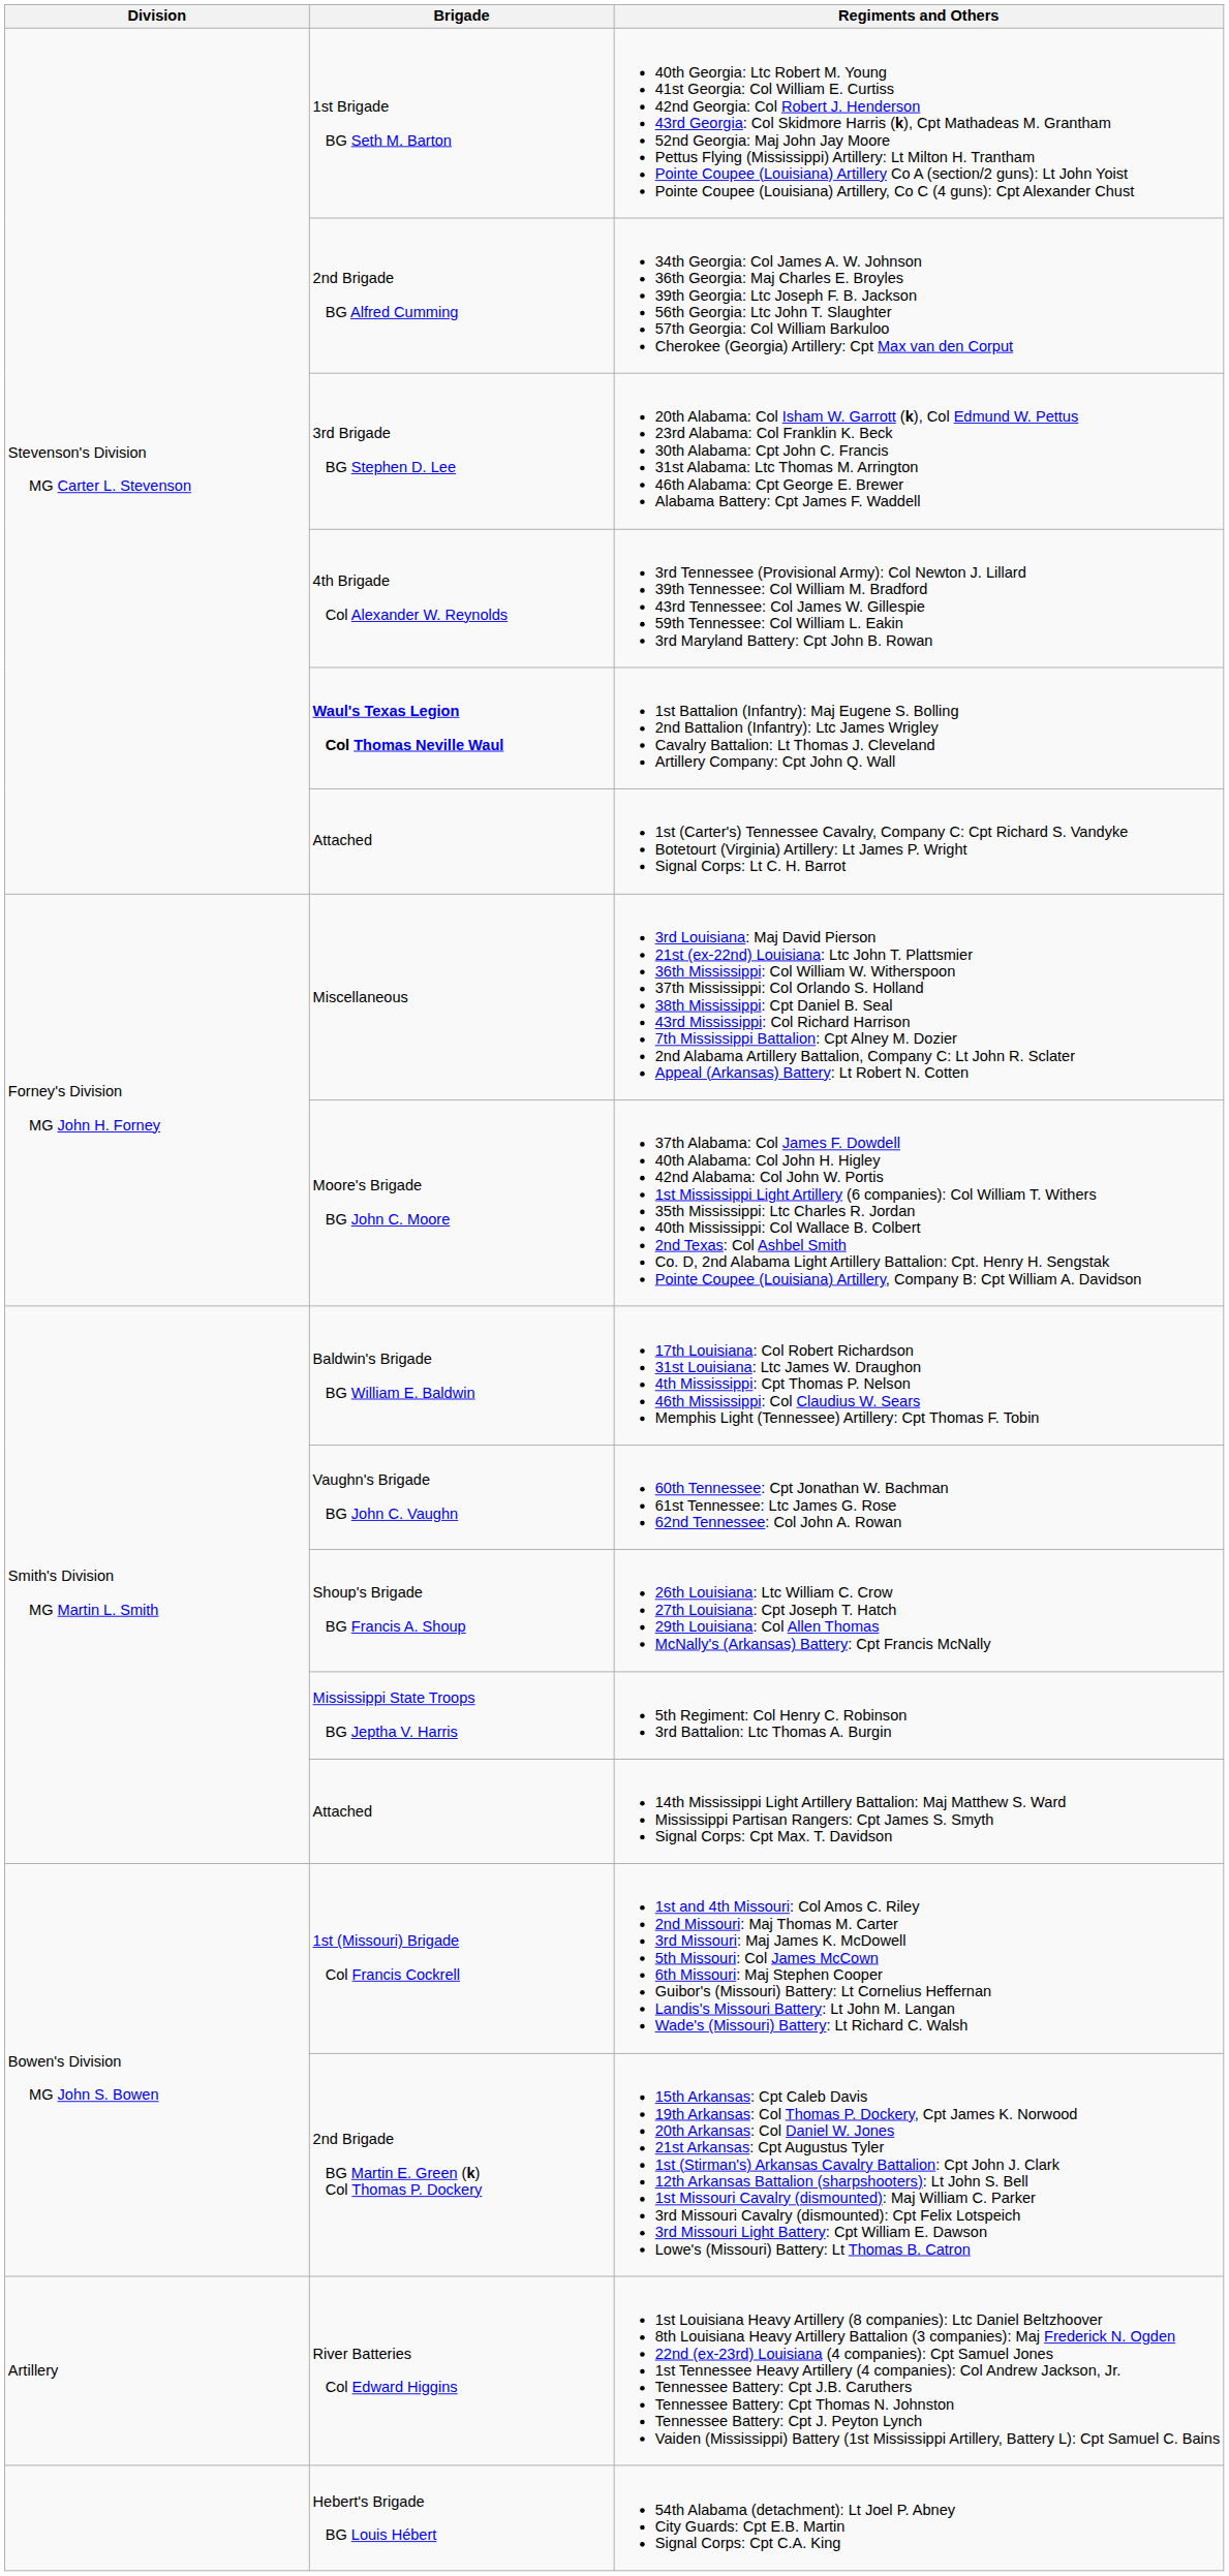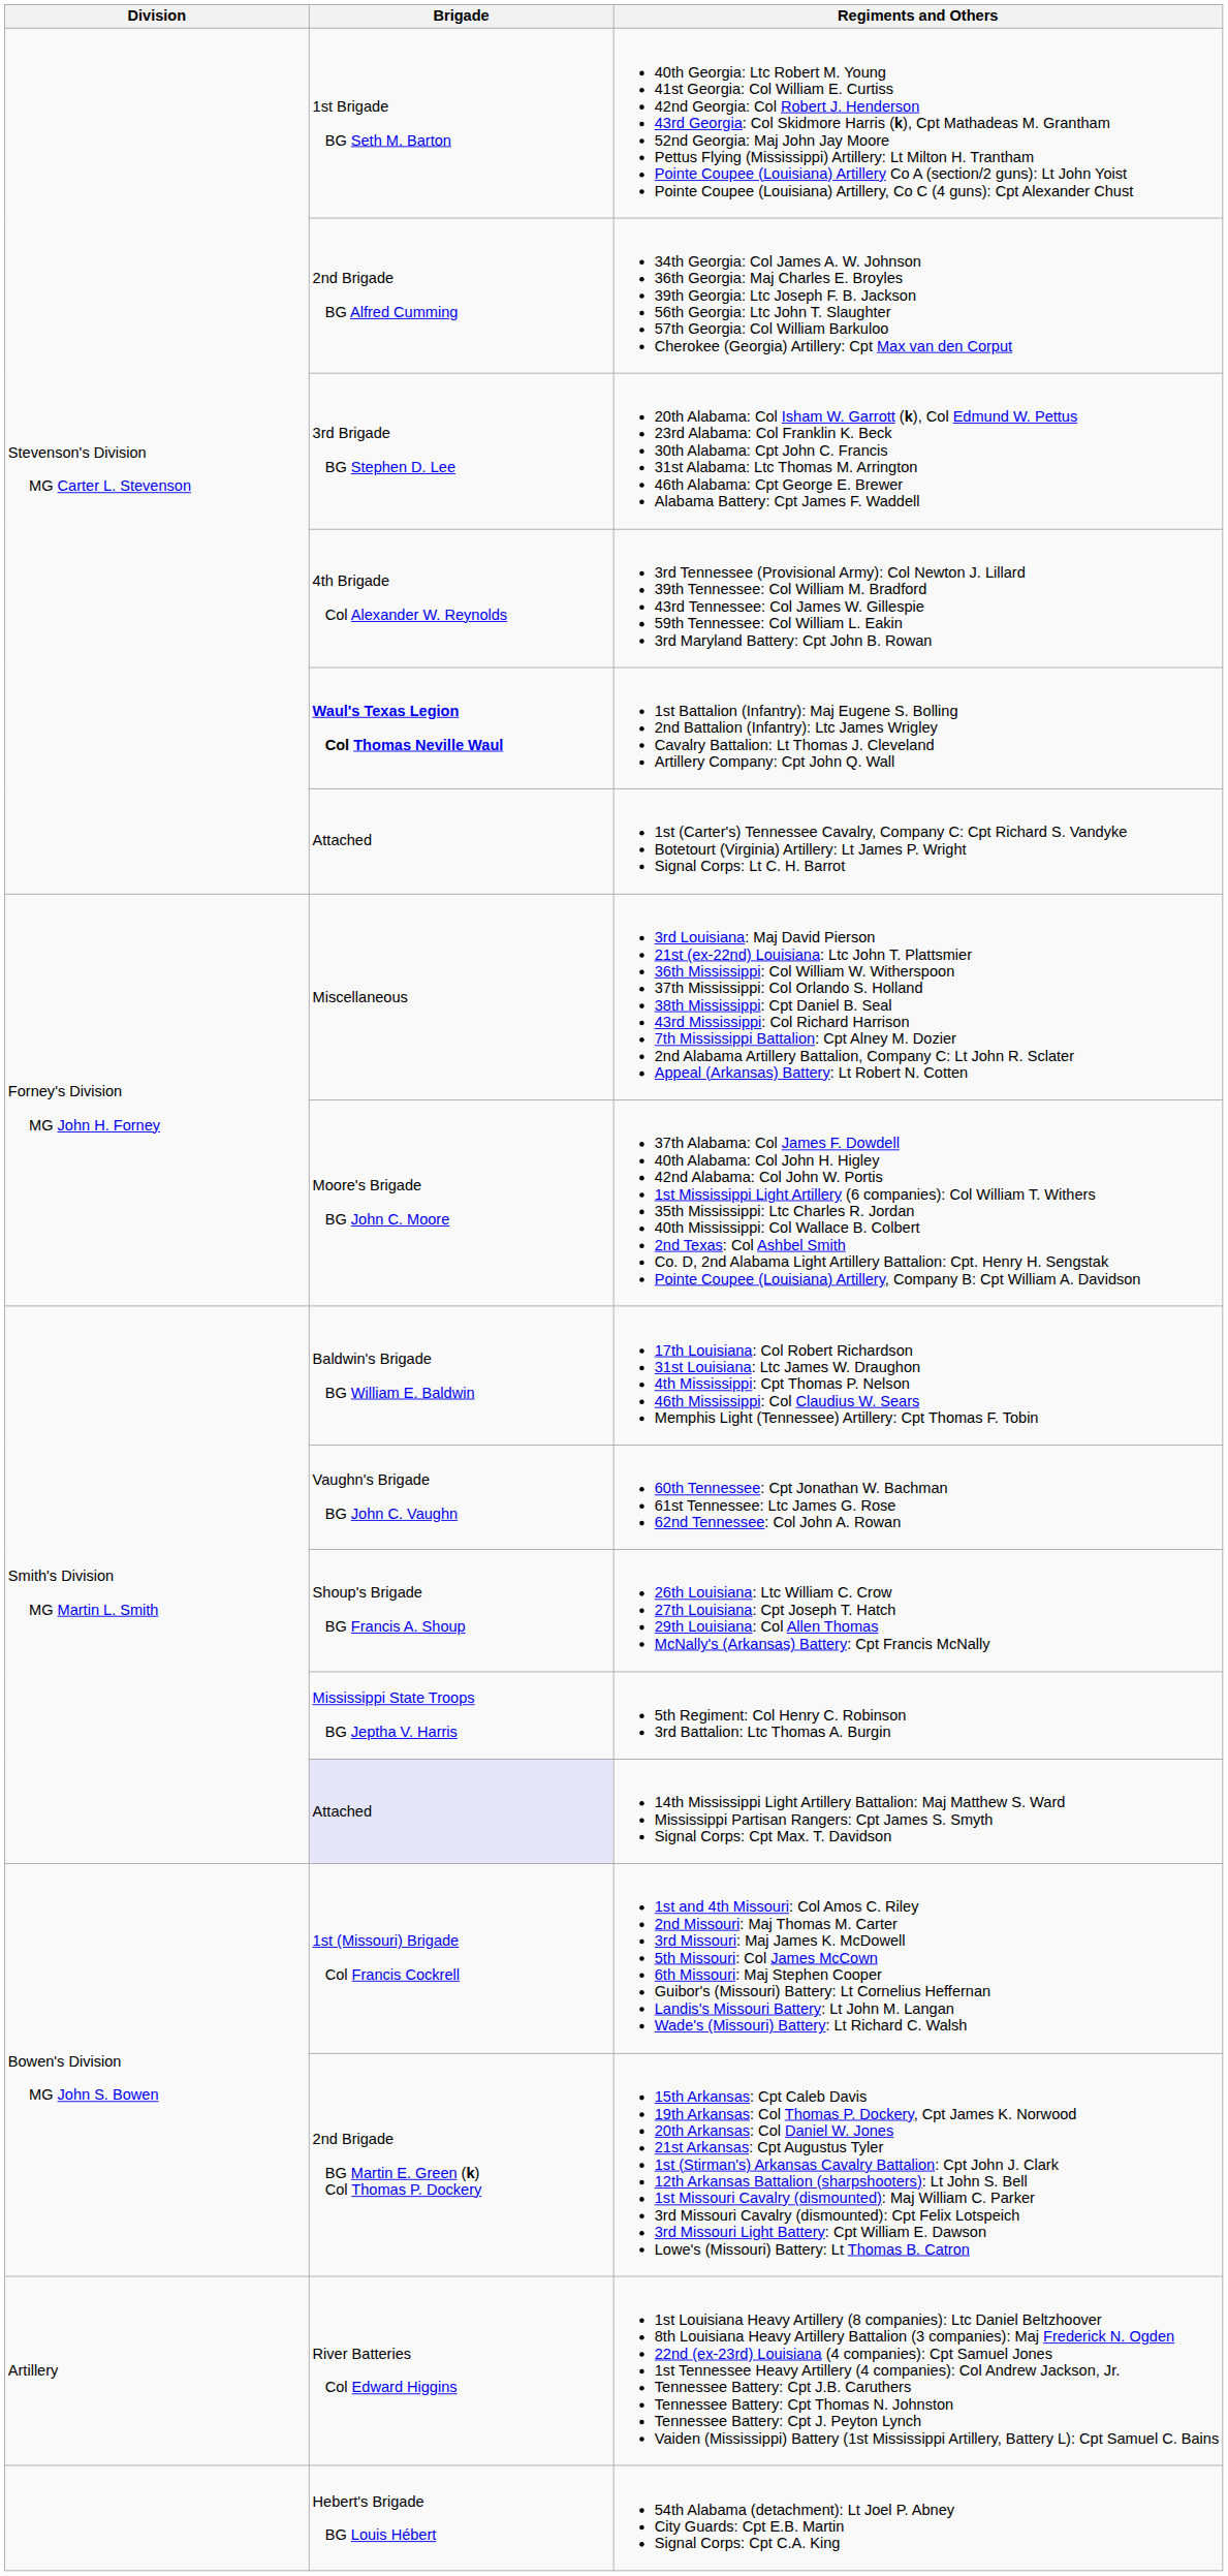 <table class="wikitable">
 <tr>
 <th width=25%>Division</th>
 <th width=25%>Brigade</th>
 <th>Regiments and Others</th>
 </tr>
 <tr>
 <td rowspan=6><br>Stevenson's Division<br><br>     MG <a href='#'>Carter L. Stevenson</a></td>
 <td>1st Brigade<br><br>   BG <a href='#'>Seth M. Barton</a></td>
 <td><br><ul><li>40th Georgia: Ltc Robert M. Young</li><li>41st Georgia: Col William E. Curtiss</li><li>42nd Georgia: Col <a href='#'>Robert J. Henderson</a></li><li><a href='#'>43rd Georgia</a>: Col Skidmore Harris (<strong>k</strong>), Cpt Mathadeas M. Grantham</li><li>52nd Georgia: Maj John Jay Moore</li><li>Pettus Flying (Mississippi) Artillery: Lt Milton H. Trantham</li><li><a href='#'>Pointe Coupee (Louisiana) Artillery</a> Co A (section/2 guns): Lt John Yoist</li><li>Pointe Coupee (Louisiana) Artillery, Co C (4 guns): Cpt Alexander Chust</li></ul></td>
 </tr>
 <tr>
 <td>2nd Brigade<br><br>   BG <a href='#'>Alfred Cumming</a></td>
 <td><br><ul><li>34th Georgia: Col James A. W. Johnson</li><li>36th Georgia: Maj Charles E. Broyles</li><li>39th Georgia: Ltc Joseph F. B. Jackson</li><li>56th Georgia: Ltc John T. Slaughter</li><li>57th Georgia: Col William Barkuloo</li><li>Cherokee (Georgia) Artillery: Cpt <a href='#'>Max van den Corput</a></li></ul></td>
 </tr>
 <tr>
 <td>3rd Brigade<br><br>   BG <a href='#'>Stephen D. Lee</a></td>
 <td><br><ul><li>20th Alabama: Col <a href='#'>Isham W. Garrott</a> (<strong>k</strong>), Col <a href='#'>Edmund W. Pettus</a></li><li>23rd Alabama: Col Franklin K. Beck</li><li>30th Alabama: Cpt John C. Francis</li><li>31st Alabama: Ltc Thomas M. Arrington</li><li>46th Alabama: Cpt George E. Brewer</li><li>Alabama Battery: Cpt James F. Waddell</li></ul></td>
 </tr>
 <tr>
 <td>4th Brigade<br><br>   Col <a href='#'>Alexander W. Reynolds</a></td>
 <td><br><ul><li>3rd Tennessee (Provisional Army): Col Newton J. Lillard</li><li>39th Tennessee: Col William M. Bradford</li><li>43rd Tennessee: Col James W. Gillespie</li><li>59th Tennessee: Col William L. Eakin</li><li>3rd Maryland Battery: Cpt John B. Rowan</li></ul></td>
 </tr>
 <tr>
 <td><strong><a href='#'>Waul's Texas Legion</a><br><br>   Col <a href='#'>Thomas Neville Waul</a></strong></td>
 <td><br><ul><li>1st Battalion (Infantry): Maj Eugene S. Bolling</li><li>2nd Battalion (Infantry): Ltc James Wrigley</li><li>Cavalry Battalion: Lt Thomas J. Cleveland</li><li>Artillery Company: Cpt John Q. Wall</li></ul></td>
 </tr>
 <tr>
 <td>Attached</td>
 <td><br><ul><li>1st (Carter's) Tennessee Cavalry, Company C: Cpt Richard S. Vandyke</li><li>Botetourt (Virginia) Artillery: Lt James P. Wright</li><li>Signal Corps: Lt C. H. Barrot</li></ul></td>
 </tr>
 <tr>
 <td rowspan=2><br>Forney's Division<br><br>     MG <a href='#'>John H. Forney</a></td>
 <td>Miscellaneous</td>
 <td><br><ul><li><a href='#'>3rd Louisiana</a>: Maj David Pierson</li><li><a href='#'>21st (ex-22nd) Louisiana</a>: Ltc John T. Plattsmier</li><li><a href='#'>36th Mississippi</a>: Col William W. Witherspoon</li><li>37th Mississippi: Col Orlando S. Holland</li><li><a href='#'>38th Mississippi</a>: Cpt Daniel B. Seal</li><li><a href='#'>43rd Mississippi</a>: Col Richard Harrison</li><li><a href='#'>7th Mississippi Battalion</a>: Cpt Alney M. Dozier</li><li>2nd Alabama Artillery Battalion, Company C: Lt John R. Sclater</li><li><a href='#'>Appeal (Arkansas) Battery</a>: Lt Robert N. Cotten</li></ul></td>
 </tr>
 <tr>
 <td>Moore's Brigade<br><br>   BG <a href='#'>John C. Moore</a></td>
 <td><br><ul><li>37th Alabama: Col <a href='#'>James F. Dowdell</a></li><li>40th Alabama: Col John H. Higley</li><li>42nd Alabama: Col John W. Portis</li><li><a href='#'>1st Mississippi Light Artillery</a> (6 companies): Col William T. Withers</li><li>35th Mississippi: Ltc Charles R. Jordan</li><li>40th Mississippi: Col Wallace B. Colbert</li><li><a href='#'>2nd Texas</a>: Col <a href='#'>Ashbel Smith</a></li><li>Co. D, 2nd Alabama Light Artillery Battalion: Cpt. Henry H. Sengstak</li><li><a href='#'>Pointe Coupee (Louisiana) Artillery</a>, Company B: Cpt William A. Davidson</li></ul></td>
 </tr>
 <tr>
 <td rowspan=5><br>Smith's Division<br><br>     MG <a href='#'>Martin L. Smith</a></td>
 <td>Baldwin's Brigade<br><br>   BG <a href='#'>William E. Baldwin</a></td>
 <td><br><ul><li><a href='#'>17th Louisiana</a>: Col Robert Richardson</li><li><a href='#'>31st Louisiana</a>: Ltc James W. Draughon</li><li><a href='#'>4th Mississippi</a>: Cpt Thomas P. Nelson</li><li><a href='#'>46th Mississippi</a>: Col <a href='#'>Claudius W. Sears</a></li><li>Memphis Light (Tennessee) Artillery: Cpt Thomas F. Tobin</li></ul></td>
 </tr>
 <tr>
 <td>Vaughn's Brigade<br><br>   BG <a href='#'>John C. Vaughn</a></td>
 <td><br><ul><li><a href='#'>60th Tennessee</a>: Cpt Jonathan W. Bachman</li><li>61st Tennessee: Ltc James G. Rose</li><li><a href='#'>62nd Tennessee</a>: Col John A. Rowan</li></ul></td>
 </tr>
 <tr>
 <td>Shoup's Brigade<br><br>   BG <a href='#'>Francis A. Shoup</a></td>
 <td><br><ul><li><a href='#'>26th Louisiana</a>: Ltc William C. Crow</li><li><a href='#'>27th Louisiana</a>: Cpt Joseph T. Hatch</li><li><a href='#'>29th Louisiana</a>: Col <a href='#'>Allen Thomas</a></li><li><a href='#'>McNally's (Arkansas) Battery</a>: Cpt Francis McNally</li></ul></td>
 </tr>
 <tr>
 <td><a href='#'>Mississippi State Troops</a><br><br>   BG <a href='#'>Jeptha V. Harris</a></td>
 <td><br><ul><li>5th Regiment: Col Henry C. Robinson</li><li>3rd Battalion: Ltc Thomas A. Burgin</li></ul></td>
 </tr>
 <tr>
-<td>Attached</td>
+<td style="background: lavender;">Attached</td>
 <td><br><ul><li>14th Mississippi Light Artillery Battalion: Maj Matthew S. Ward</li><li>Mississippi Partisan Rangers: Cpt James S. Smyth</li><li>Signal Corps: Cpt Max. T. Davidson</li></ul></td>
 </tr>
 <tr>
 <td rowspan=2><br>Bowen's Division<br><br>     MG <a href='#'>John S. Bowen</a></td>
 <td><a href='#'>1st (Missouri) Brigade</a><br><br>   Col <a href='#'>Francis Cockrell</a></td>
 <td><br><ul><li><a href='#'>1st and 4th Missouri</a>: Col Amos C. Riley</li><li><a href='#'>2nd Missouri</a>: Maj Thomas M. Carter</li><li><a href='#'>3rd Missouri</a>: Maj James K. McDowell</li><li><a href='#'>5th Missouri</a>: Col <a href='#'>James McCown</a></li><li><a href='#'>6th Missouri</a>: Maj Stephen Cooper</li><li>Guibor's (Missouri) Battery: Lt Cornelius Heffernan</li><li><a href='#'>Landis's Missouri Battery</a>: Lt John M. Langan</li><li><a href='#'>Wade's (Missouri) Battery</a>: Lt Richard C. Walsh</li></ul></td>
 </tr>
 <tr>
 <td>2nd Brigade<br><br>   BG <a href='#'>Martin E. Green</a> (<strong>k</strong>)<br>   Col <a href='#'>Thomas P. Dockery</a></td>
 <td><br><ul><li><a href='#'>15th Arkansas</a>: Cpt Caleb Davis</li><li><a href='#'>19th Arkansas</a>: Col <a href='#'>Thomas P. Dockery</a>, Cpt James K. Norwood</li><li><a href='#'>20th Arkansas</a>: Col <a href='#'>Daniel W. Jones</a></li><li><a href='#'>21st Arkansas</a>: Cpt Augustus Tyler</li><li><a href='#'>1st (Stirman's) Arkansas Cavalry Battalion</a>: Cpt John J. Clark</li><li><a href='#'>12th Arkansas Battalion (sharpshooters)</a>: Lt John S. Bell</li><li><a href='#'>1st Missouri Cavalry (dismounted)</a>: Maj William C. Parker</li><li>3rd Missouri Cavalry (dismounted): Cpt Felix Lotspeich</li><li><a href='#'>3rd Missouri Light Battery</a>: Cpt William E. Dawson</li><li>Lowe's (Missouri) Battery: Lt <a href='#'>Thomas B. Catron</a></li></ul></td>
 </tr>
 <tr>
 <td>Artillery</td>
 <td>River Batteries<br><br>   Col <a href='#'>Edward Higgins</a></td>
 <td><br><ul><li>1st Louisiana Heavy Artillery (8 companies): Ltc Daniel Beltzhoover</li><li>8th Louisiana Heavy Artillery Battalion (3 companies): Maj <a href='#'>Frederick N. Ogden</a></li><li><a href='#'>22nd (ex-23rd) Louisiana</a> (4 companies): Cpt Samuel Jones</li><li>1st Tennessee Heavy Artillery (4 companies): Col Andrew Jackson, Jr.</li><li>Tennessee Battery: Cpt J.B. Caruthers</li><li>Tennessee Battery: Cpt Thomas N. Johnston</li><li>Tennessee Battery: Cpt J. Peyton Lynch</li><li>Vaiden (Mississippi) Battery (1st Mississippi Artillery, Battery L): Cpt Samuel C. Bains</li></ul></td>
 </tr>
 <tr>
 <td></td>
 <td>Hebert's Brigade<br><br>   BG <a href='#'>Louis Hébert</a></td>
 <td><br><ul><li>54th Alabama (detachment): Lt Joel P. Abney</li><li>City Guards: Cpt E.B. Martin</li><li>Signal Corps: Cpt C.A. King</li></ul></td>
 </tr>
 </table>
